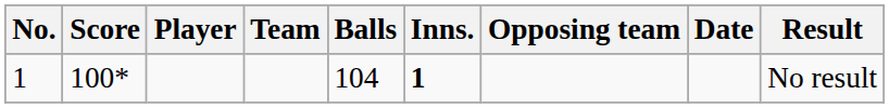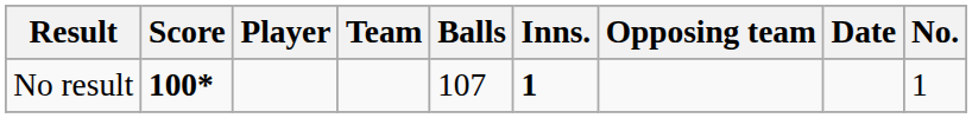 <table class="wikitable sortable" style="font-size:95%">
 <tr>
-<th>No.</th>
+<th>Result</th>
 <th>Score</th>
 <th>Player</th>
 <th>Team</th>
 <th>Balls</th>
 <th>Inns.</th>
 <th>Opposing team</th>
 <th>Date</th>
-<th>Result</th>
+<th>No.</th>
 </tr>
 <tr>
-<td>1</td>
-<td> 100*</td>
+<td>No result</td>
+<td><strong> 100*</strong></td>
 <td></td>
 <td></td>
-<td>104</td>
+<td>107</td>
 <td><strong>1</strong></td>
 <td></td>
 <td></td>
-<td>No result</td>
+<td>1</td>
 </tr>
 </table>
